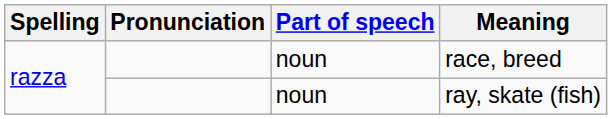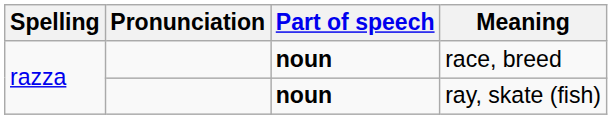 <table class="wikitable">
 <tr>
 <th>Spelling</th>
 <th>Pronunciation</th>
 <th><a href='#'>Part of speech</a></th>
 <th>Meaning</th>
 </tr>
 <tr>
 <td rowspan="2"><a href='#'>razza</a></td>
 <td></td>
-<td>noun</td>
+<td><strong>noun</strong></td>
 <td>race, breed</td>
 </tr>
 <tr>
 <td></td>
-<td>noun</td>
+<td><strong>noun</strong></td>
 <td>ray, skate (fish)</td>
 </tr>
 </table>
